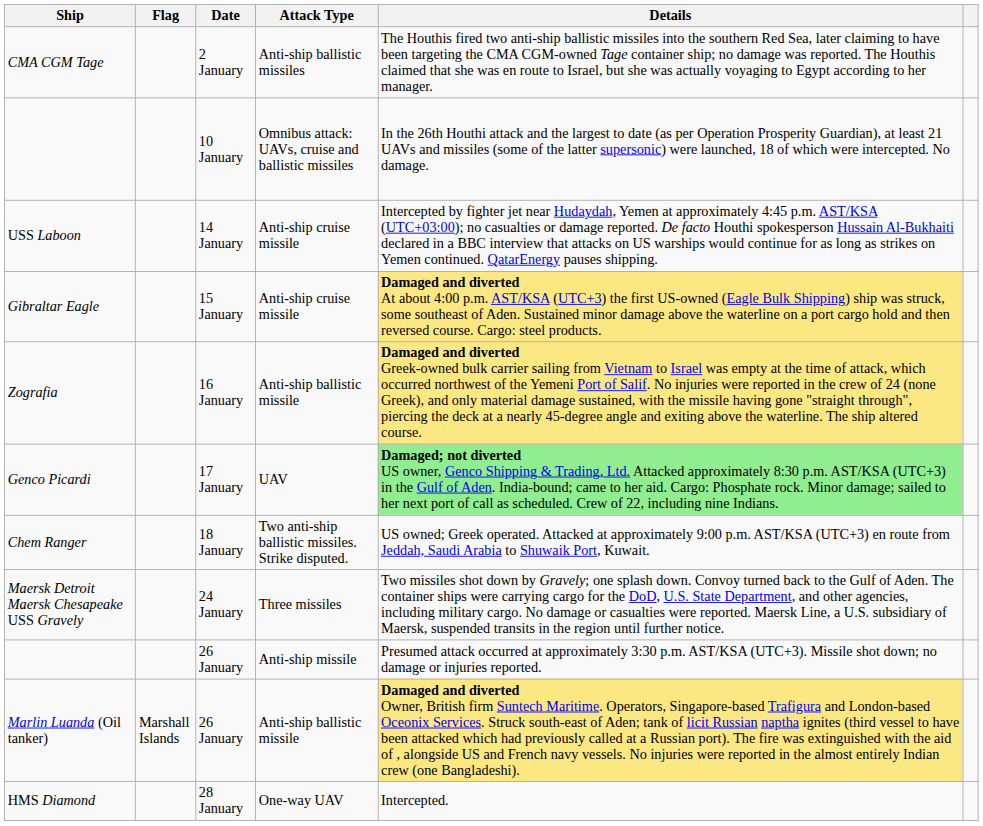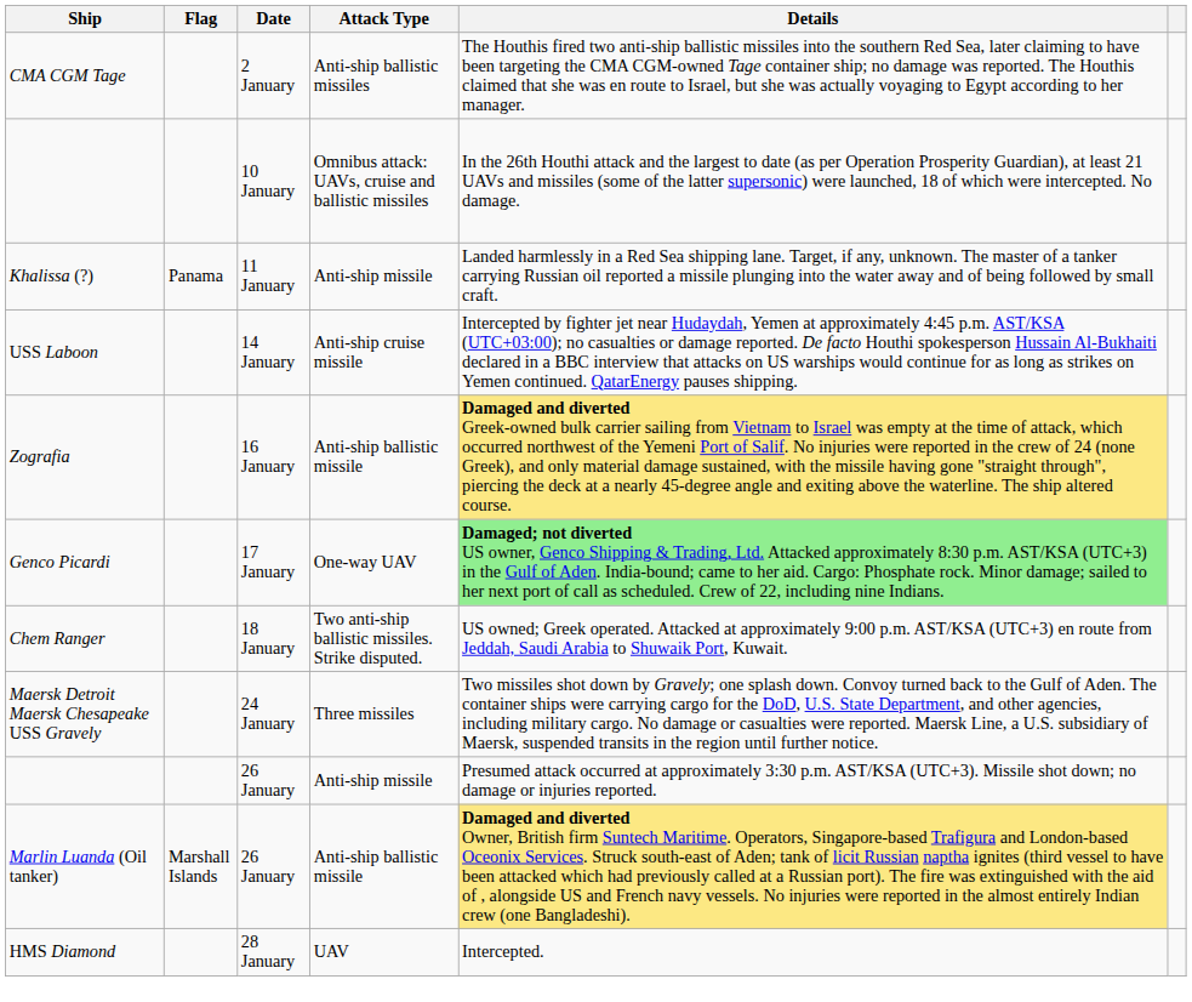 <table class="wikitable sortable sticky-header" style="text-align:left;">
 <tr>
 <th width="140px">Ship</th>
 <th width="60px">Flag</th>
 <th width="60px">Date</th>
 <th width="130px">Attack Type</th>
 <th width="650px">Details</th>
 <th width="10px" class="unsortable"></th>
 </tr>
 <tr>
 <td><em>CMA CGM Tage</em></td>
 <td></td>
 <td>2 January</td>
 <td>Anti-ship ballistic missiles</td>
 <td>The Houthis fired two anti-ship ballistic missiles into the southern Red Sea, later claiming to have been targeting the CMA CGM-owned <em>Tage</em> container ship; no damage was reported. The Houthis claimed that she was en route to Israel, but she was actually voyaging to Egypt according to her manager.</td>
 <td></td>
 </tr>
 <tr>
 <td><br><br><br><br><br><br></td>
 <td><br></td>
 <td>10 January</td>
 <td>Omnibus attack: UAVs, cruise and ballistic missiles</td>
 <td>In the 26th Houthi attack and the largest to date (as per Operation Prosperity Guardian), at least 21 UAVs and missiles (some of the latter <a href='#'>supersonic</a>) were launched, 18 of which were intercepted. No damage.</td>
 <td></td>
 </tr>
 <tr>
+<td><em>Khalissa</em> (?)</td>
+<td> Panama</td>
+<td>11 January</td>
+<td>Anti-ship missile</td>
+<td>Landed harmlessly in a Red Sea shipping lane. Target, if any, unknown. The master of a tanker carrying Russian oil reported a missile plunging into the water  away and of being followed by small craft.</td>
+<td></td>
+</tr>
+<tr>
 <td>USS <em>Laboon</em></td>
 <td></td>
 <td>14 January</td>
 <td>Anti-ship cruise missile</td>
 <td>Intercepted by fighter jet near <a href='#'>Hudaydah</a>, Yemen at approximately 4:45 p.m. <a href='#'>AST/KSA</a> (<a href='#'>UTC+03:00</a>); no casualties or damage reported. <em>De facto</em> Houthi spokesperson <a href='#'>Hussain Al-Bukhaiti</a> declared in a BBC interview that attacks on US warships would continue for as long as strikes on Yemen continued. <a href='#'>QatarEnergy</a> pauses shipping.</td>
-<td></td>
-</tr>
-<tr>
-<td><em>Gibraltar Eagle</em></td>
-<td></td>
-<td>15 January</td>
-<td>Anti-ship cruise missile</td>
-<td style="background:#FCE883"><strong>Damaged and diverted</strong><br>At about 4:00 p.m. <a href='#'>AST/KSA</a> (<a href='#'>UTC+3</a>) the first US-owned (<a href='#'>Eagle Bulk Shipping</a>) ship was struck, some  southeast of Aden. Sustained minor damage above the waterline on a port cargo hold and then reversed course. Cargo: steel products.</td>
 <td></td>
 </tr>
 <tr>
 <td><em>Zografia</em></td>
 <td></td>
 <td>16 January</td>
 <td>Anti-ship ballistic missile</td>
 <td style="background:#FCE883"><strong>Damaged and diverted</strong><br>Greek-owned bulk carrier sailing from <a href='#'>Vietnam</a> to <a href='#'>Israel</a> was empty at the time of attack, which occurred  northwest of the Yemeni <a href='#'>Port of Salif</a>. No injuries were reported in the crew of 24 (none Greek), and only material damage sustained, with the missile having gone "straight through", piercing the deck at a nearly 45-degree angle and exiting above the waterline. The ship altered course.</td>
 <td></td>
 </tr>
 <tr>
 <td><em>Genco Picardi</em></td>
 <td></td>
 <td>17 January</td>
-<td>UAV</td>
+<td>One-way UAV</td>
 <td style="background:#90EE90"><strong>Damaged; not diverted</strong><br>US owner, <a href='#'>Genco Shipping & Trading, Ltd.</a> Attacked approximately 8:30 p.m. AST/KSA (UTC+3) in the <a href='#'>Gulf of Aden</a>. India-bound;  came to her aid. Cargo: Phosphate rock. Minor damage; sailed to her next port of call as scheduled. Crew of 22, including nine Indians.</td>
 <td></td>
 </tr>
 <tr>
 <td><em>Chem Ranger</em></td>
 <td></td>
 <td>18 January</td>
 <td>Two anti-ship ballistic missiles. Strike disputed.</td>
 <td>US owned; Greek operated. Attacked at approximately 9:00 p.m. AST/KSA (UTC+3) en route from <a href='#'>Jeddah, Saudi Arabia</a> to <a href='#'>Shuwaik Port</a>, Kuwait.</td>
 <td></td>
 </tr>
 <tr>
 <td><em>Maersk Detroit  </em><br><em>Maersk Chesapeake</em><br> USS <em>Gravely</em></td>
 <td><br><br><br> </td>
 <td>24 January</td>
 <td>Three missiles</td>
 <td>Two missiles shot down by <em>Gravely</em>; one splash down. Convoy turned back to the Gulf of Aden. The container ships were carrying cargo for the <a href='#'>DoD</a>, <a href='#'>U.S. State Department</a>, and other agencies, including military cargo. No damage or casualties were reported. Maersk Line, a U.S. subsidiary of Maersk, suspended transits in the region until further notice.</td>
 <td></td>
 </tr>
 <tr>
 <td></td>
 <td></td>
 <td>26 January</td>
 <td>Anti-ship missile</td>
 <td>Presumed attack occurred at approximately 3:30 p.m. AST/KSA (UTC+3). Missile shot down; no damage or injuries reported.</td>
 <td></td>
 </tr>
 <tr>
 <td><a href='#'><em>Marlin Luanda</em></a> (Oil tanker)</td>
 <td> Marshall Islands</td>
 <td>26 January</td>
 <td>Anti-ship ballistic missile</td>
 <td style="background:#FCE883"><strong>Damaged and diverted</strong><br>Owner, British firm <a href='#'>Suntech Maritime</a>. Operators, Singapore-based <a href='#'>Trafigura</a> and London-based <a href='#'>Oceonix Services</a>. Struck  south-east of Aden; tank of <a href='#'>licit Russian</a> <a href='#'>naptha</a> ignites (third vessel to have been attacked which had previously called at a Russian port). The fire was extinguished with the aid of , alongside US and French navy vessels. No injuries were reported in the almost entirely Indian crew (one Bangladeshi).</td>
 <td></td>
 </tr>
 <tr>
 <td>HMS <em>Diamond</em></td>
 <td></td>
 <td>28 January</td>
-<td>One-way UAV</td>
+<td>UAV</td>
 <td>Intercepted.</td>
 <td></td>
 </tr>
 </table>
